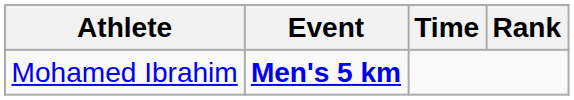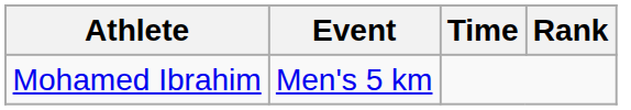 <table class="wikitable" style="font-size:90%;">
 <tr>
 <th>Athlete</th>
 <th>Event</th>
 <th>Time</th>
 <th>Rank</th>
 </tr>
 <tr align=center>
 <td align=left><a href='#'>Mohamed Ibrahim</a></td>
-<td align=left><strong><a href='#'>Men's 5 km</a></strong></td>
+<td align=left><a href='#'>Men's 5 km</a></td>
 <td colspan=2></td>
 </tr>
 </table>
